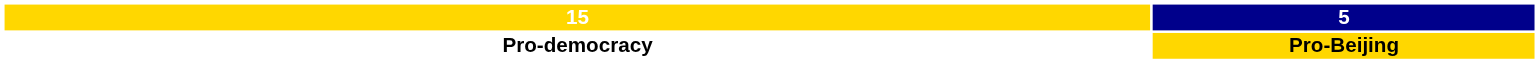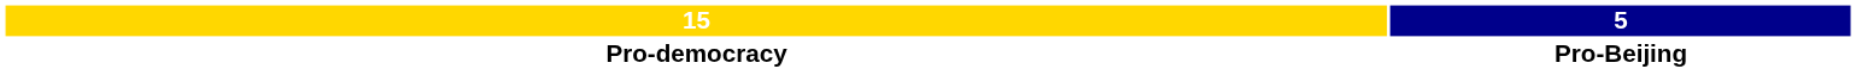 <table style="width:60%; text-align:center;">
 <tr style="color:white;">
 <td style="background:gold; width:75%;"><strong>15</strong></td>
 <td style="background:darkblue; width:25%;"><strong>5</strong></td>
 </tr>
 <tr>
 <td><span><strong>Pro-democracy</strong></span></td>
-<td style="background: gold;"><span><strong>Pro-Beijing</strong></span></td>
+<td><span><strong>Pro-Beijing</strong></span></td>
 </tr>
 </table>
